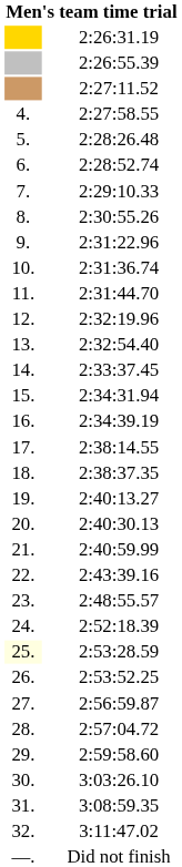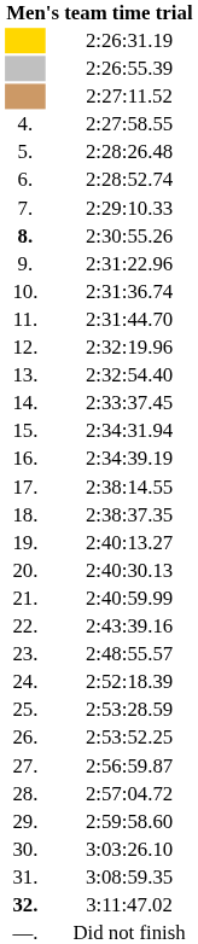 <table style="text-align:center">
 <tr>
 <td colspan=3 align=left><strong>Men's team time trial</strong></td>
 </tr>
 <tr>
 <td width=30 bgcolor=gold></td>
 <td align=left></td>
 <td width=100>2:26:31.19</td>
 </tr>
 <tr>
 <td bgcolor=silver></td>
 <td align=left></td>
 <td>2:26:55.39</td>
 </tr>
 <tr>
 <td bgcolor=cc9966></td>
 <td align=left></td>
 <td>2:27:11.52</td>
 </tr>
 <tr>
 <td>4.</td>
 <td align=left></td>
 <td>2:27:58.55</td>
 </tr>
 <tr>
 <td>5.</td>
 <td align=left></td>
 <td>2:28:26.48</td>
 </tr>
 <tr>
 <td>6.</td>
 <td align=left></td>
 <td>2:28:52.74</td>
 </tr>
 <tr>
 <td>7.</td>
 <td align=left></td>
 <td>2:29:10.33</td>
 </tr>
 <tr>
-<td>8.</td>
+<td><strong>8.</strong></td>
 <td align=left></td>
 <td>2:30:55.26</td>
 </tr>
 <tr>
 <td>9.</td>
 <td align=left></td>
 <td>2:31:22.96</td>
 </tr>
 <tr>
 <td>10.</td>
 <td align=left></td>
 <td>2:31:36.74</td>
 </tr>
 <tr>
 <td>11.</td>
 <td align=left></td>
 <td>2:31:44.70</td>
 </tr>
 <tr>
 <td>12.</td>
 <td align=left></td>
 <td>2:32:19.96</td>
 </tr>
 <tr>
 <td>13.</td>
 <td align=left></td>
 <td>2:32:54.40</td>
 </tr>
 <tr>
 <td>14.</td>
 <td align=left></td>
 <td>2:33:37.45</td>
 </tr>
 <tr>
 <td>15.</td>
 <td align=left></td>
 <td>2:34:31.94</td>
 </tr>
 <tr>
 <td>16.</td>
 <td align=left></td>
 <td>2:34:39.19</td>
 </tr>
 <tr>
 <td>17.</td>
 <td align=left></td>
 <td>2:38:14.55</td>
 </tr>
 <tr>
 <td>18.</td>
 <td align=left></td>
 <td>2:38:37.35</td>
 </tr>
 <tr>
 <td>19.</td>
 <td align=left></td>
 <td>2:40:13.27</td>
 </tr>
 <tr>
 <td>20.</td>
 <td align=left></td>
 <td>2:40:30.13</td>
 </tr>
 <tr>
 <td>21.</td>
 <td align=left></td>
 <td>2:40:59.99</td>
 </tr>
 <tr>
 <td>22.</td>
 <td align=left></td>
 <td>2:43:39.16</td>
 </tr>
 <tr>
 <td>23.</td>
 <td align=left></td>
 <td>2:48:55.57</td>
 </tr>
 <tr>
 <td>24.</td>
 <td align=left></td>
 <td>2:52:18.39</td>
 </tr>
 <tr>
-<td style="background: lightyellow;">25.</td>
+<td>25.</td>
 <td align=left></td>
 <td>2:53:28.59</td>
 </tr>
 <tr>
 <td>26.</td>
 <td align=left></td>
 <td>2:53:52.25</td>
 </tr>
 <tr>
 <td>27.</td>
 <td align=left></td>
 <td>2:56:59.87</td>
 </tr>
 <tr>
 <td>28.</td>
 <td align=left></td>
 <td>2:57:04.72</td>
 </tr>
 <tr>
 <td>29.</td>
 <td align=left></td>
 <td>2:59:58.60</td>
 </tr>
 <tr>
 <td>30.</td>
 <td align=left></td>
 <td>3:03:26.10</td>
 </tr>
 <tr>
 <td>31.</td>
 <td align=left></td>
 <td>3:08:59.35</td>
 </tr>
 <tr>
-<td>32.</td>
+<td><strong>32.</strong></td>
 <td align=left></td>
 <td>3:11:47.02</td>
 </tr>
 <tr>
 <td>—.</td>
 <td align=left></td>
 <td>Did not finish</td>
 </tr>
 </table>
